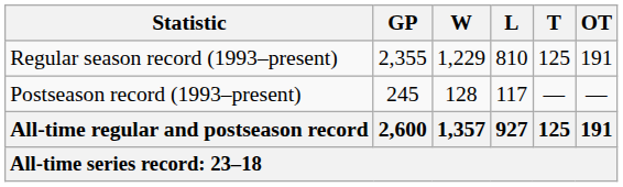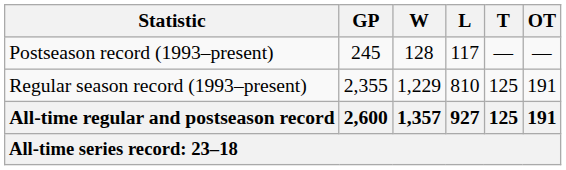 <table class="wikitable" style="text-align:center; font-size:95%">
 <tr>
 <th>Statistic</th>
 <th>GP</th>
 <th>W</th>
 <th>L</th>
 <th>T</th>
 <th>OT</th>
 </tr>
 <tr>
+<td style="text-align:left;">Postseason record (1993–present)</td>
+<td>245</td>
+<td>128</td>
+<td>117</td>
+<td>—</td>
+<td>—</td>
+</tr>
+<tr>
 <td style="text-align:left;">Regular season record (1993–present)</td>
 <td>2,355</td>
 <td>1,229</td>
 <td>810</td>
 <td>125</td>
 <td>191</td>
-</tr>
-<tr>
-<td style="text-align:left;">Postseason record (1993–present)</td>
-<td>245</td>
-<td>128</td>
-<td>117</td>
-<td>—</td>
-<td>—</td>
 </tr>
 <tr>
 <th style="text-align:left;">All-time regular and postseason record</th>
 <th>2,600</th>
 <th>1,357</th>
 <th>927</th>
 <th>125</th>
 <th>191</th>
 </tr>
 <tr>
 <th colspan="6" style="text-align:left; font-size:95%">All-time series record: 23–18</th>
 </tr>
 </table>
